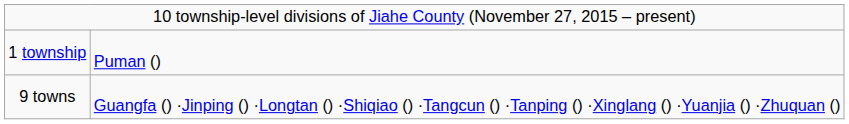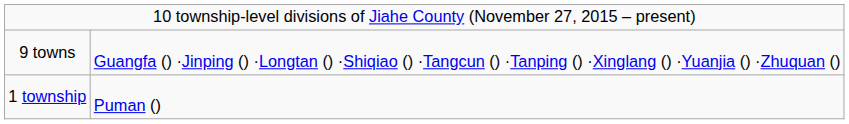 <table class="wikitable">
 <tr>
 <td style="text-align:center;" colspan="2">10 township-level divisions of <a href='#'>Jiahe County</a> (November 27, 2015 – present)</td>
 </tr>
 <tr align=left>
+<td align=center>9 towns</td>
+<td><br><a href='#'>Guangfa</a> () ·<a href='#'>Jinping</a> () ·<a href='#'>Longtan</a> () ·<a href='#'>Shiqiao</a> () ·<a href='#'>Tangcun</a> () ·<a href='#'>Tanping</a> () ·<a href='#'>Xinglang</a> () ·<a href='#'>Yuanjia</a> () ·<a href='#'>Zhuquan</a> ()</td>
+</tr>
+<tr align=left>
 <td align=center>1 <a href='#'>township</a></td>
 <td><br><a href='#'>Puman</a> ()</td>
 </tr>
-<tr align=left>
-<td align=center>9 towns</td>
-<td><br><a href='#'>Guangfa</a> () ·<a href='#'>Jinping</a> () ·<a href='#'>Longtan</a> () ·<a href='#'>Shiqiao</a> () ·<a href='#'>Tangcun</a> () ·<a href='#'>Tanping</a> () ·<a href='#'>Xinglang</a> () ·<a href='#'>Yuanjia</a> () ·<a href='#'>Zhuquan</a> ()</td>
-</tr>
 </table>
